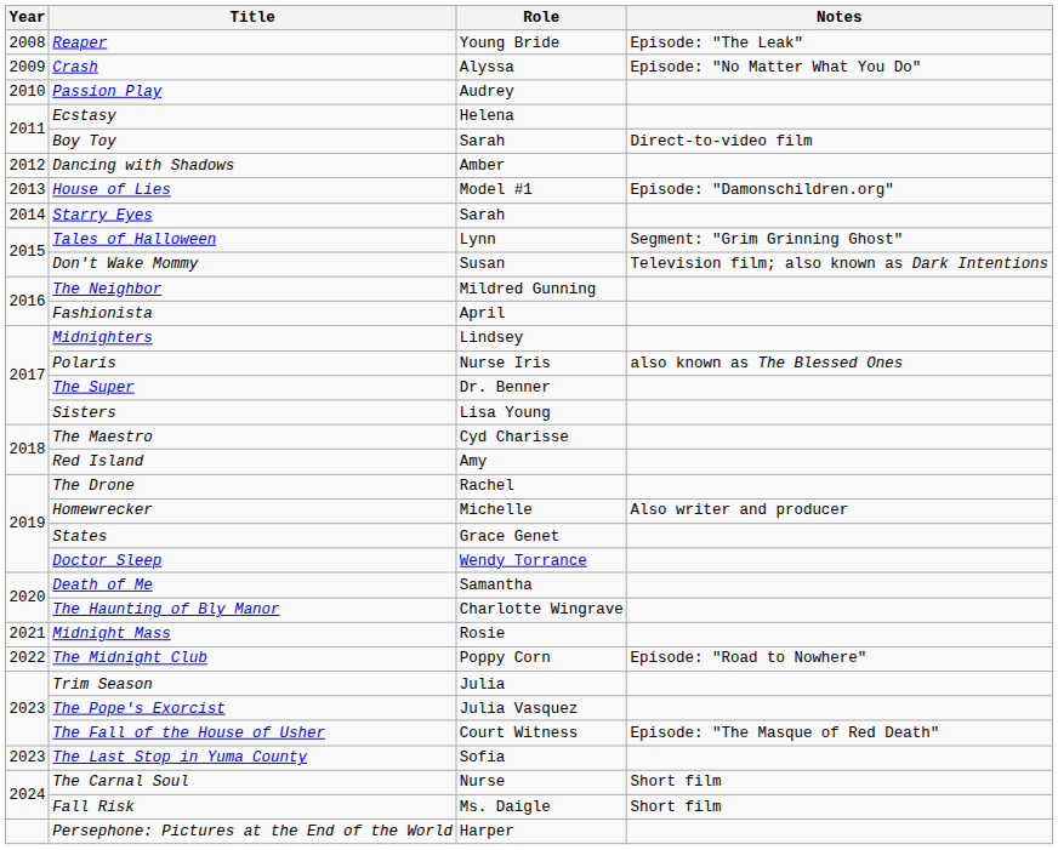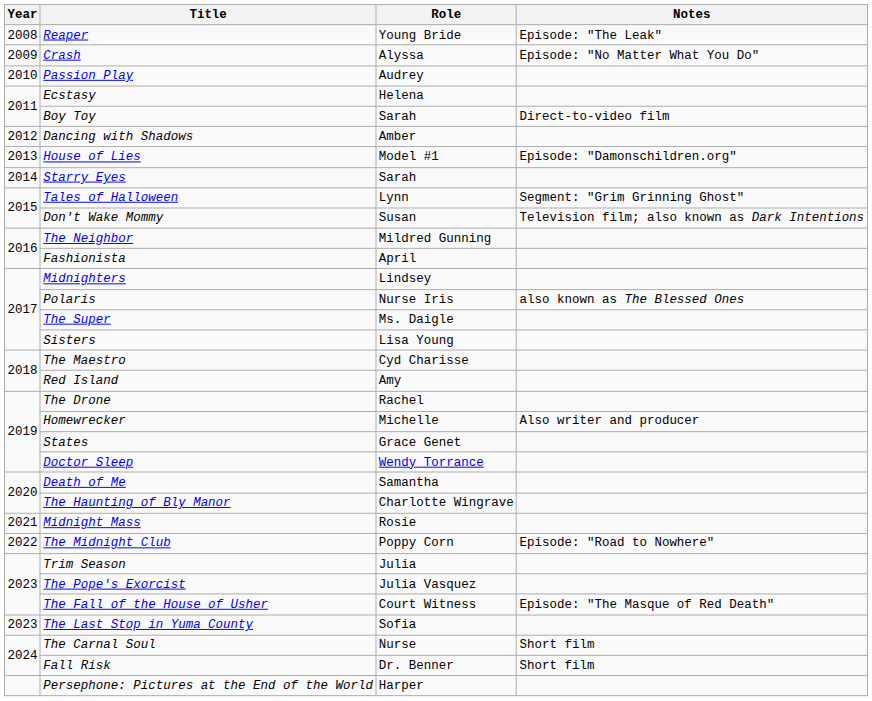 <table class="wikitable">
 <tr>
 <th>Year</th>
 <th>Title</th>
 <th>Role</th>
 <th>Notes</th>
 </tr>
 <tr>
 <td>2008</td>
 <td><em><a href='#'>Reaper</a></em></td>
 <td>Young Bride</td>
 <td>Episode: "The Leak"</td>
 </tr>
 <tr>
 <td>2009</td>
 <td><em><a href='#'>Crash</a></em></td>
 <td>Alyssa</td>
 <td>Episode: "No Matter What You Do"</td>
 </tr>
 <tr>
 <td>2010</td>
 <td><em><a href='#'>Passion Play</a></em></td>
 <td>Audrey</td>
 <td></td>
 </tr>
 <tr>
 <td rowspan="2">2011</td>
 <td><em>Ecstasy</em></td>
 <td>Helena</td>
 <td></td>
 </tr>
 <tr>
 <td><em>Boy Toy</em></td>
 <td>Sarah</td>
 <td>Direct-to-video film</td>
 </tr>
 <tr>
 <td>2012</td>
 <td><em>Dancing with Shadows</em></td>
 <td>Amber</td>
 <td></td>
 </tr>
 <tr>
 <td>2013</td>
 <td><em><a href='#'>House of Lies</a></em></td>
 <td>Model #1</td>
 <td>Episode: "Damonschildren.org"</td>
 </tr>
 <tr>
 <td>2014</td>
 <td><em><a href='#'>Starry Eyes</a></em></td>
 <td>Sarah</td>
 <td></td>
 </tr>
 <tr>
 <td rowspan="2">2015</td>
 <td><em><a href='#'>Tales of Halloween</a></em></td>
 <td>Lynn</td>
 <td>Segment: "Grim Grinning Ghost"</td>
 </tr>
 <tr>
 <td><em>Don't Wake Mommy</em></td>
 <td>Susan</td>
 <td>Television film; also known as <em>Dark Intentions</em></td>
 </tr>
 <tr>
 <td rowspan="2">2016</td>
 <td><em><a href='#'>The Neighbor</a></em></td>
 <td>Mildred Gunning</td>
 <td></td>
 </tr>
 <tr>
 <td><em>Fashionista</em></td>
 <td>April</td>
 <td></td>
 </tr>
 <tr>
 <td rowspan="4">2017</td>
 <td><em><a href='#'>Midnighters</a></em></td>
 <td>Lindsey</td>
 <td></td>
 </tr>
 <tr>
 <td><em>Polaris</em></td>
 <td>Nurse Iris</td>
 <td>also known as <em>The Blessed Ones</em></td>
 </tr>
 <tr>
 <td><em><a href='#'>The Super</a></em></td>
-<td>Dr. Benner</td>
+<td>Ms. Daigle</td>
 <td></td>
 </tr>
 <tr>
 <td><em>Sisters</em></td>
 <td>Lisa Young</td>
 <td></td>
 </tr>
 <tr>
 <td rowspan="2">2018</td>
 <td><em>The Maestro</em></td>
 <td>Cyd Charisse</td>
 <td></td>
 </tr>
 <tr>
 <td><em>Red Island</em></td>
 <td>Amy</td>
 <td></td>
 </tr>
 <tr>
 <td rowspan="4">2019</td>
 <td><em>The Drone</em></td>
 <td>Rachel</td>
 <td></td>
 </tr>
 <tr>
 <td><em>Homewrecker</em></td>
 <td>Michelle</td>
 <td>Also writer and producer</td>
 </tr>
 <tr>
 <td><em>States</em></td>
 <td>Grace Genet</td>
 <td></td>
 </tr>
 <tr>
 <td><em><a href='#'>Doctor Sleep</a></em></td>
 <td><a href='#'>Wendy Torrance</a></td>
 <td></td>
 </tr>
 <tr>
 <td rowspan="2">2020</td>
 <td><em><a href='#'>Death of Me</a></em></td>
 <td>Samantha</td>
 <td></td>
 </tr>
 <tr>
 <td><em><a href='#'>The Haunting of Bly Manor</a></em></td>
 <td>Charlotte Wingrave</td>
 <td></td>
 </tr>
 <tr>
 <td>2021</td>
 <td><em><a href='#'>Midnight Mass</a></em></td>
 <td>Rosie</td>
 <td></td>
 </tr>
 <tr>
 <td>2022</td>
 <td><em><a href='#'>The Midnight Club</a></em></td>
 <td>Poppy Corn</td>
 <td>Episode: "Road to Nowhere"</td>
 </tr>
 <tr>
 <td rowspan="3">2023</td>
 <td><em>Trim Season</em></td>
 <td>Julia</td>
 <td></td>
 </tr>
 <tr>
 <td><em><a href='#'>The Pope's Exorcist</a></em></td>
 <td>Julia Vasquez</td>
 <td></td>
 </tr>
 <tr>
 <td><em><a href='#'>The Fall of the House of Usher</a></em></td>
 <td>Court Witness</td>
 <td>Episode: "The Masque of Red Death"</td>
 </tr>
 <tr>
 <td>2023</td>
 <td><em><a href='#'>The Last Stop in Yuma County</a></em></td>
 <td>Sofia</td>
 <td></td>
 </tr>
 <tr>
 <td rowspan="2">2024</td>
 <td><em>The Carnal Soul</em></td>
 <td>Nurse</td>
 <td>Short film</td>
 </tr>
 <tr>
 <td><em>Fall Risk</em></td>
-<td>Ms. Daigle</td>
+<td>Dr. Benner</td>
 <td>Short film</td>
 </tr>
 <tr>
 <td></td>
 <td><em>Persephone: Pictures at the End of the World</em></td>
 <td>Harper</td>
 <td></td>
 </tr>
 </table>
